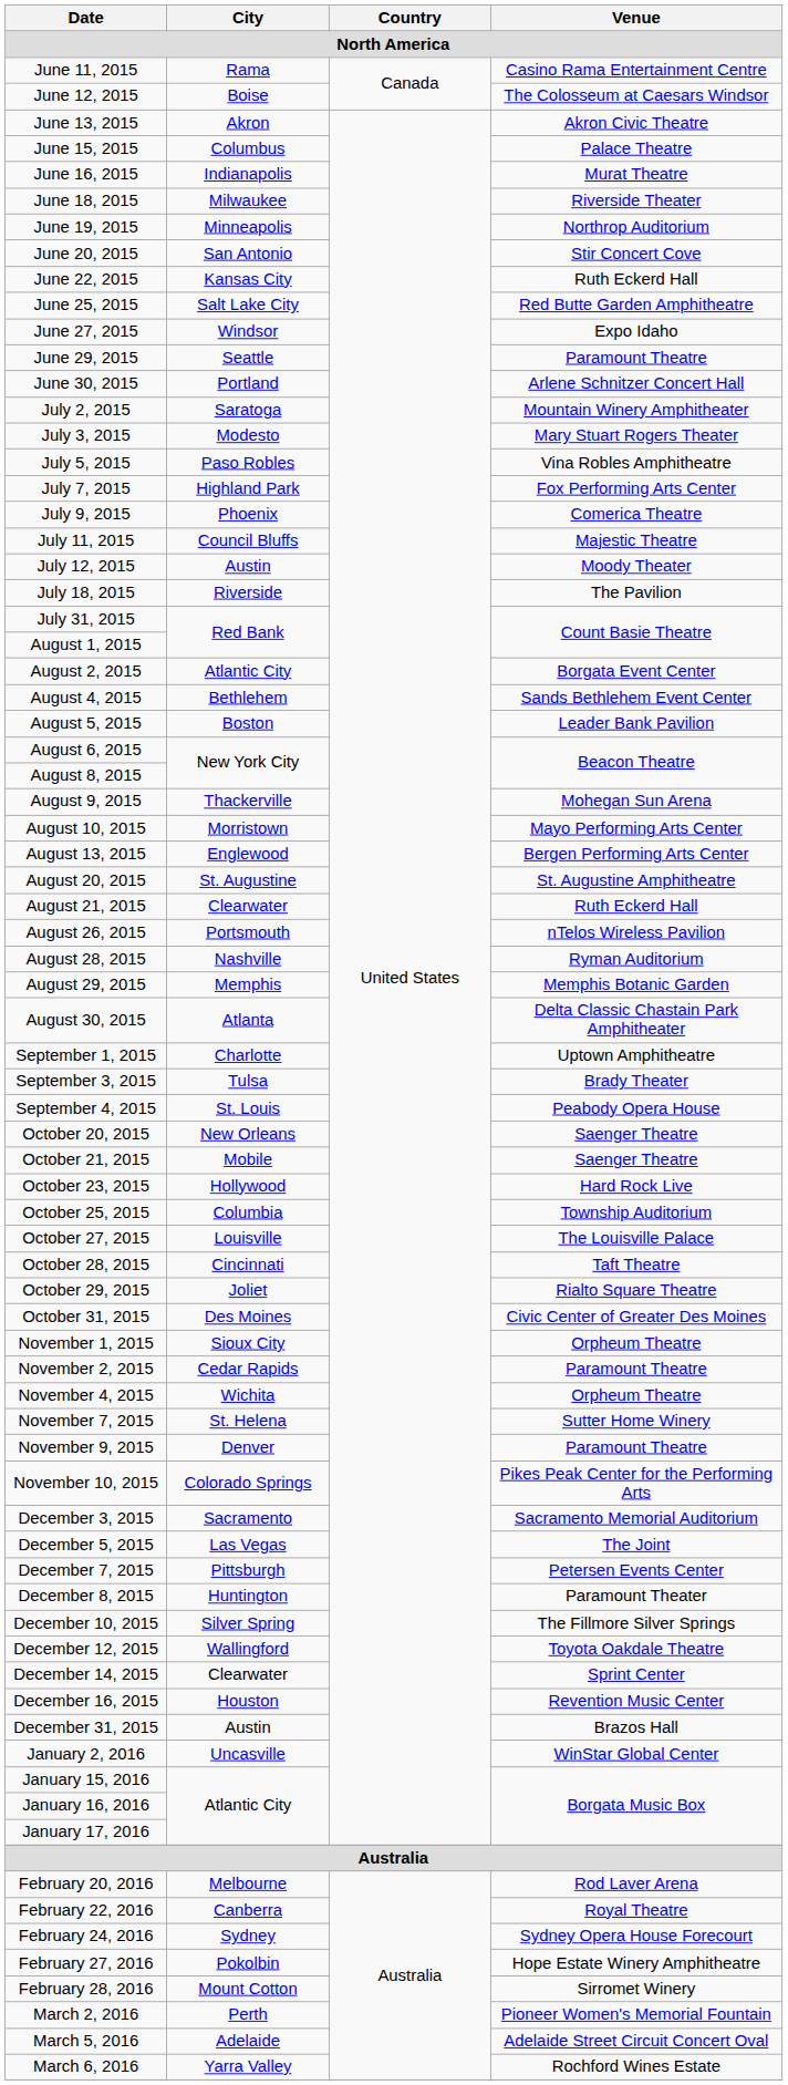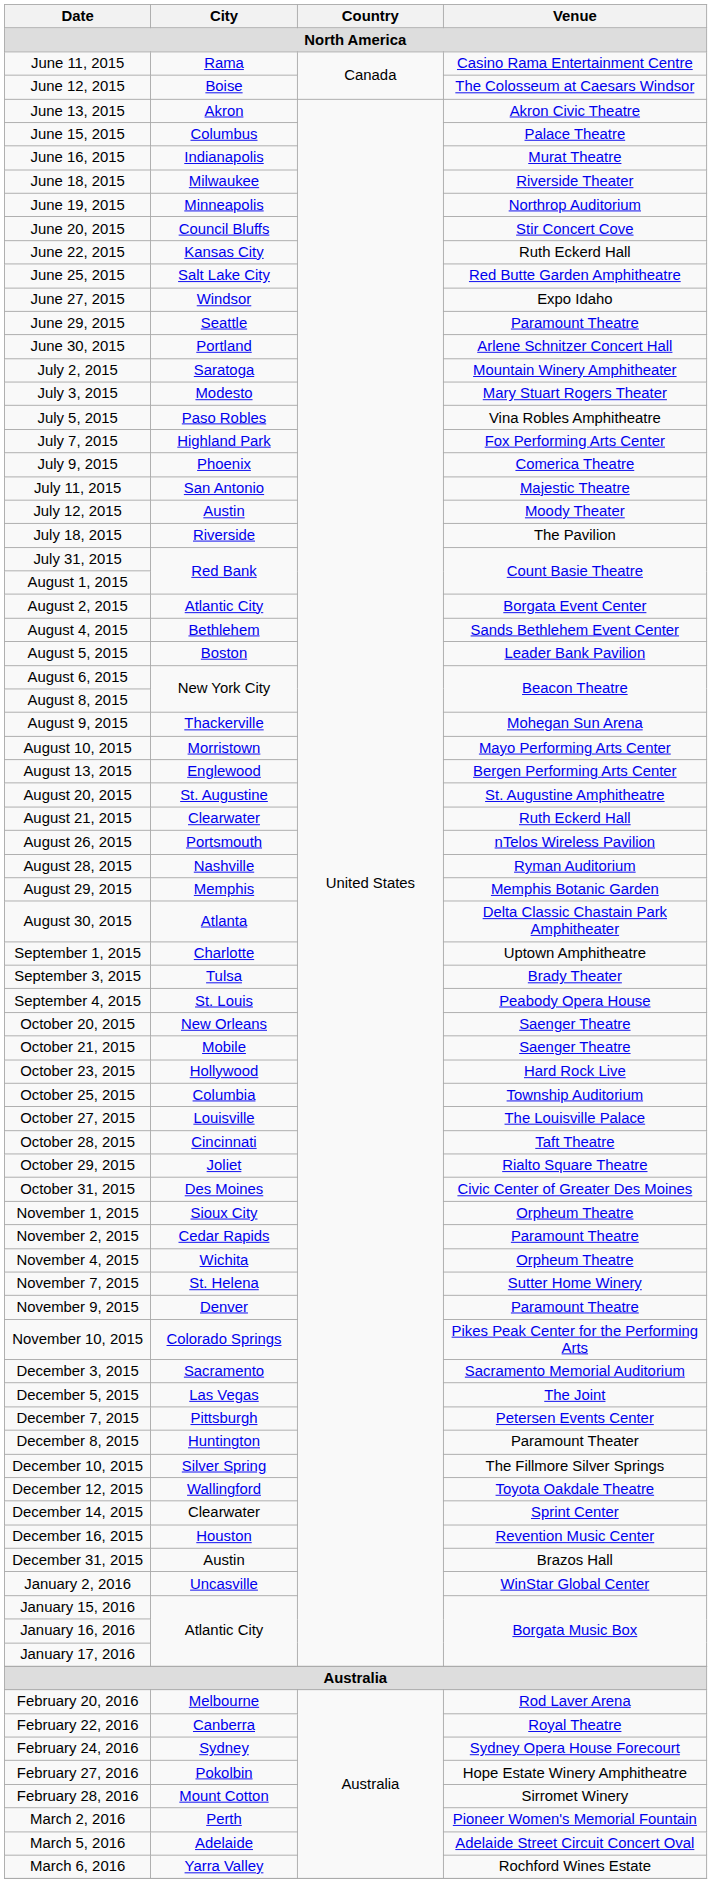 <table class="wikitable" style="text-align:center">
 <tr>
 <th width="150px">Date</th>
 <th width="150px">City</th>
 <th width="150px">Country</th>
 <th width="275px">Venue</th>
 </tr>
 <tr bgcolor="#DDDDDD">
 <td colspan=4><strong>North America</strong></td>
 </tr>
 <tr>
 <td>June 11, 2015</td>
 <td><a href='#'>Rama</a></td>
 <td rowspan="2">Canada</td>
 <td><a href='#'>Casino Rama Entertainment Centre</a></td>
 </tr>
 <tr>
 <td>June 12, 2015</td>
 <td><a href='#'>Boise</a></td>
 <td><a href='#'>The Colosseum at Caesars Windsor</a></td>
 </tr>
 <tr>
 <td>June 13, 2015</td>
 <td><a href='#'>Akron</a></td>
 <td rowspan="65">United States</td>
 <td><a href='#'>Akron Civic Theatre</a></td>
 </tr>
 <tr>
 <td>June 15, 2015</td>
 <td><a href='#'>Columbus</a></td>
 <td><a href='#'>Palace Theatre</a></td>
 </tr>
 <tr>
 <td>June 16, 2015</td>
 <td><a href='#'>Indianapolis</a></td>
 <td><a href='#'>Murat Theatre</a></td>
 </tr>
 <tr>
 <td>June 18, 2015</td>
 <td><a href='#'>Milwaukee</a></td>
 <td><a href='#'>Riverside Theater</a></td>
 </tr>
 <tr>
 <td>June 19, 2015</td>
 <td><a href='#'>Minneapolis</a></td>
 <td><a href='#'>Northrop Auditorium</a></td>
 </tr>
 <tr>
 <td>June 20, 2015</td>
-<td><a href='#'>San Antonio</a></td>
+<td><a href='#'>Council Bluffs</a></td>
 <td><a href='#'>Stir Concert Cove</a></td>
 </tr>
 <tr>
 <td>June 22, 2015</td>
 <td><a href='#'>Kansas City</a></td>
 <td>Ruth Eckerd Hall</td>
 </tr>
 <tr>
 <td>June 25, 2015</td>
 <td><a href='#'>Salt Lake City</a></td>
 <td><a href='#'>Red Butte Garden Amphitheatre</a></td>
 </tr>
 <tr>
 <td>June 27, 2015</td>
 <td><a href='#'>Windsor</a></td>
 <td>Expo Idaho</td>
 </tr>
 <tr>
 <td>June 29, 2015</td>
 <td><a href='#'>Seattle</a></td>
 <td><a href='#'>Paramount Theatre</a></td>
 </tr>
 <tr>
 <td>June 30, 2015</td>
 <td><a href='#'>Portland</a></td>
 <td><a href='#'>Arlene Schnitzer Concert Hall</a></td>
 </tr>
 <tr>
 <td>July 2, 2015</td>
 <td><a href='#'>Saratoga</a></td>
 <td><a href='#'>Mountain Winery Amphitheater</a></td>
 </tr>
 <tr>
 <td>July 3, 2015</td>
 <td><a href='#'>Modesto</a></td>
 <td><a href='#'>Mary Stuart Rogers Theater</a></td>
 </tr>
 <tr>
 <td>July 5, 2015</td>
 <td><a href='#'>Paso Robles</a></td>
 <td>Vina Robles Amphitheatre</td>
 </tr>
 <tr>
 <td>July 7, 2015</td>
 <td><a href='#'>Highland Park</a></td>
 <td><a href='#'>Fox Performing Arts Center</a></td>
 </tr>
 <tr>
 <td>July 9, 2015</td>
 <td><a href='#'>Phoenix</a></td>
 <td><a href='#'>Comerica Theatre</a></td>
 </tr>
 <tr>
 <td>July 11, 2015</td>
-<td><a href='#'>Council Bluffs</a></td>
+<td><a href='#'>San Antonio</a></td>
 <td><a href='#'>Majestic Theatre</a></td>
 </tr>
 <tr>
 <td>July 12, 2015</td>
 <td><a href='#'>Austin</a></td>
 <td><a href='#'>Moody Theater</a></td>
 </tr>
 <tr>
 <td>July 18, 2015</td>
 <td><a href='#'>Riverside</a></td>
 <td>The Pavilion</td>
 </tr>
 <tr>
 <td>July 31, 2015</td>
 <td rowspan="2"><a href='#'>Red Bank</a></td>
 <td rowspan="2"><a href='#'>Count Basie Theatre</a></td>
 </tr>
 <tr>
 <td>August 1, 2015</td>
 </tr>
 <tr>
 <td>August 2, 2015</td>
 <td><a href='#'>Atlantic City</a></td>
 <td><a href='#'>Borgata Event Center</a></td>
 </tr>
 <tr>
 <td>August 4, 2015</td>
 <td><a href='#'>Bethlehem</a></td>
 <td><a href='#'>Sands Bethlehem Event Center</a></td>
 </tr>
 <tr>
 <td>August 5, 2015</td>
 <td><a href='#'>Boston</a></td>
 <td><a href='#'>Leader Bank Pavilion</a></td>
 </tr>
 <tr>
 <td>August 6, 2015</td>
 <td rowspan="2">New York City</td>
 <td rowspan="2"><a href='#'>Beacon Theatre</a></td>
 </tr>
 <tr>
 <td>August 8, 2015</td>
 </tr>
 <tr>
 <td>August 9, 2015</td>
 <td><a href='#'>Thackerville</a></td>
 <td><a href='#'>Mohegan Sun Arena</a></td>
 </tr>
 <tr>
 <td>August 10, 2015</td>
 <td><a href='#'>Morristown</a></td>
 <td><a href='#'>Mayo Performing Arts Center</a></td>
 </tr>
 <tr>
 <td>August 13, 2015</td>
 <td><a href='#'>Englewood</a></td>
 <td><a href='#'>Bergen Performing Arts Center</a></td>
 </tr>
 <tr>
 <td>August 20, 2015</td>
 <td><a href='#'>St. Augustine</a></td>
 <td><a href='#'>St. Augustine Amphitheatre</a></td>
 </tr>
 <tr>
 <td>August 21, 2015</td>
 <td><a href='#'>Clearwater</a></td>
 <td><a href='#'>Ruth Eckerd Hall</a></td>
 </tr>
 <tr>
 <td>August 26, 2015</td>
 <td><a href='#'>Portsmouth</a></td>
 <td><a href='#'>nTelos Wireless Pavilion</a></td>
 </tr>
 <tr>
 <td>August 28, 2015</td>
 <td><a href='#'>Nashville</a></td>
 <td><a href='#'>Ryman Auditorium</a></td>
 </tr>
 <tr>
 <td>August 29, 2015</td>
 <td><a href='#'>Memphis</a></td>
 <td><a href='#'>Memphis Botanic Garden</a></td>
 </tr>
 <tr>
 <td>August 30, 2015</td>
 <td><a href='#'>Atlanta</a></td>
 <td><a href='#'>Delta Classic Chastain Park Amphitheater</a></td>
 </tr>
 <tr>
 <td>September 1, 2015</td>
 <td><a href='#'>Charlotte</a></td>
 <td>Uptown Amphitheatre</td>
 </tr>
 <tr>
 <td>September 3, 2015</td>
 <td><a href='#'>Tulsa</a></td>
 <td><a href='#'>Brady Theater</a></td>
 </tr>
 <tr>
 <td>September 4, 2015</td>
 <td><a href='#'>St. Louis</a></td>
 <td><a href='#'>Peabody Opera House</a></td>
 </tr>
 <tr>
 <td>October 20, 2015</td>
 <td><a href='#'>New Orleans</a></td>
 <td><a href='#'>Saenger Theatre</a></td>
 </tr>
 <tr>
 <td>October 21, 2015</td>
 <td><a href='#'>Mobile</a></td>
 <td><a href='#'>Saenger Theatre</a></td>
 </tr>
 <tr>
 <td>October 23, 2015</td>
 <td><a href='#'>Hollywood</a></td>
 <td><a href='#'>Hard Rock Live</a></td>
 </tr>
 <tr>
 <td>October 25, 2015</td>
 <td><a href='#'>Columbia</a></td>
 <td><a href='#'>Township Auditorium</a></td>
 </tr>
 <tr>
 <td>October 27, 2015</td>
 <td><a href='#'>Louisville</a></td>
 <td><a href='#'>The Louisville Palace</a></td>
 </tr>
 <tr>
 <td>October 28, 2015</td>
 <td><a href='#'>Cincinnati</a></td>
 <td><a href='#'>Taft Theatre</a></td>
 </tr>
 <tr>
 <td>October 29, 2015</td>
 <td><a href='#'>Joliet</a></td>
 <td><a href='#'>Rialto Square Theatre</a></td>
 </tr>
 <tr>
 <td>October 31, 2015</td>
 <td><a href='#'>Des Moines</a></td>
 <td><a href='#'>Civic Center of Greater Des Moines</a></td>
 </tr>
 <tr>
 <td>November 1, 2015</td>
 <td><a href='#'>Sioux City</a></td>
 <td><a href='#'>Orpheum Theatre</a></td>
 </tr>
 <tr>
 <td>November 2, 2015</td>
 <td><a href='#'>Cedar Rapids</a></td>
 <td><a href='#'>Paramount Theatre</a></td>
 </tr>
 <tr>
 <td>November 4, 2015</td>
 <td><a href='#'>Wichita</a></td>
 <td><a href='#'>Orpheum Theatre</a></td>
 </tr>
 <tr>
 <td>November 7, 2015</td>
 <td><a href='#'>St. Helena</a></td>
 <td><a href='#'>Sutter Home Winery</a></td>
 </tr>
 <tr>
 <td>November 9, 2015</td>
 <td><a href='#'>Denver</a></td>
 <td><a href='#'>Paramount Theatre</a></td>
 </tr>
 <tr>
 <td>November 10, 2015</td>
 <td><a href='#'>Colorado Springs</a></td>
 <td><a href='#'>Pikes Peak Center for the Performing Arts</a></td>
 </tr>
 <tr>
 <td>December 3, 2015</td>
 <td><a href='#'>Sacramento</a></td>
 <td><a href='#'>Sacramento Memorial Auditorium</a></td>
 </tr>
 <tr>
 <td>December 5, 2015</td>
 <td><a href='#'>Las Vegas</a></td>
 <td><a href='#'>The Joint</a></td>
 </tr>
 <tr>
 <td>December 7, 2015</td>
 <td><a href='#'>Pittsburgh</a></td>
 <td><a href='#'>Petersen Events Center</a></td>
 </tr>
 <tr>
 <td>December 8, 2015</td>
 <td><a href='#'>Huntington</a></td>
 <td>Paramount Theater</td>
 </tr>
 <tr>
 <td>December 10, 2015</td>
 <td><a href='#'>Silver Spring</a></td>
 <td>The Fillmore Silver Springs</td>
 </tr>
 <tr>
 <td>December 12, 2015</td>
 <td><a href='#'>Wallingford</a></td>
 <td><a href='#'>Toyota Oakdale Theatre</a></td>
 </tr>
 <tr>
 <td>December 14, 2015</td>
 <td>Clearwater</td>
 <td><a href='#'>Sprint Center</a></td>
 </tr>
 <tr>
 <td>December 16, 2015</td>
 <td><a href='#'>Houston</a></td>
 <td><a href='#'>Revention Music Center</a></td>
 </tr>
 <tr>
 <td>December 31, 2015</td>
 <td>Austin</td>
 <td>Brazos Hall</td>
 </tr>
 <tr>
 <td>January 2, 2016</td>
 <td><a href='#'>Uncasville</a></td>
 <td><a href='#'>WinStar Global Center</a></td>
 </tr>
 <tr>
 <td>January 15, 2016</td>
 <td rowspan="3">Atlantic City</td>
 <td rowspan="3"><a href='#'>Borgata Music Box</a></td>
 </tr>
 <tr>
 <td>January 16, 2016</td>
 </tr>
 <tr>
 <td>January 17, 2016</td>
 </tr>
 <tr>
 </tr>
 <tr bgcolor="#DDDDDD">
 <td colspan=4><strong>Australia</strong></td>
 </tr>
 <tr>
 <td>February 20, 2016</td>
 <td><a href='#'>Melbourne</a></td>
 <td rowspan="8">Australia</td>
 <td><a href='#'>Rod Laver Arena</a></td>
 </tr>
 <tr>
 <td>February 22, 2016</td>
 <td><a href='#'>Canberra</a></td>
 <td><a href='#'>Royal Theatre</a></td>
 </tr>
 <tr>
 <td>February 24, 2016</td>
 <td><a href='#'>Sydney</a></td>
 <td><a href='#'>Sydney Opera House Forecourt</a></td>
 </tr>
 <tr>
 <td>February 27, 2016</td>
 <td><a href='#'>Pokolbin</a></td>
 <td>Hope Estate Winery Amphitheatre</td>
 </tr>
 <tr>
 <td>February 28, 2016</td>
 <td><a href='#'>Mount Cotton</a></td>
 <td>Sirromet Winery</td>
 </tr>
 <tr>
 <td>March 2, 2016</td>
 <td><a href='#'>Perth</a></td>
 <td><a href='#'>Pioneer Women's Memorial Fountain</a></td>
 </tr>
 <tr>
 <td>March 5, 2016</td>
 <td><a href='#'>Adelaide</a></td>
 <td><a href='#'>Adelaide Street Circuit Concert Oval</a></td>
 </tr>
 <tr>
 <td>March 6, 2016</td>
 <td><a href='#'>Yarra Valley</a></td>
 <td>Rochford Wines Estate</td>
 </tr>
 <tr>
 </tr>
 </table>
